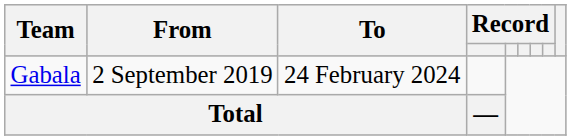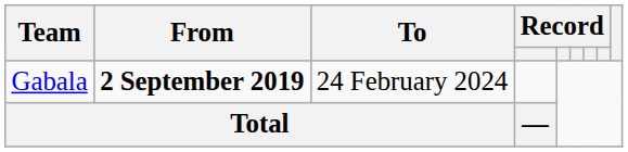 <table class=wikitable style="text-align: center">
 <tr>
 <th rowspan=2>Team</th>
 <th rowspan=2>From</th>
 <th rowspan=2>To</th>
 <th colspan=5>Record</th>
 <th rowspan=2></th>
 </tr>
 <tr>
 <th></th>
 <th></th>
 <th></th>
 <th></th>
 <th></th>
 </tr>
 <tr>
 <td align=left><a href='#'>Gabala</a></td>
-<td align=left>2 September 2019</td>
+<td align=left><strong>2 September 2019</strong></td>
 <td align=left>24 February 2024<br></td>
 <td></td>
 </tr>
 <tr>
 <th colspan=3>Total<br></th>
 <th>—</th>
 </tr>
 </table>
